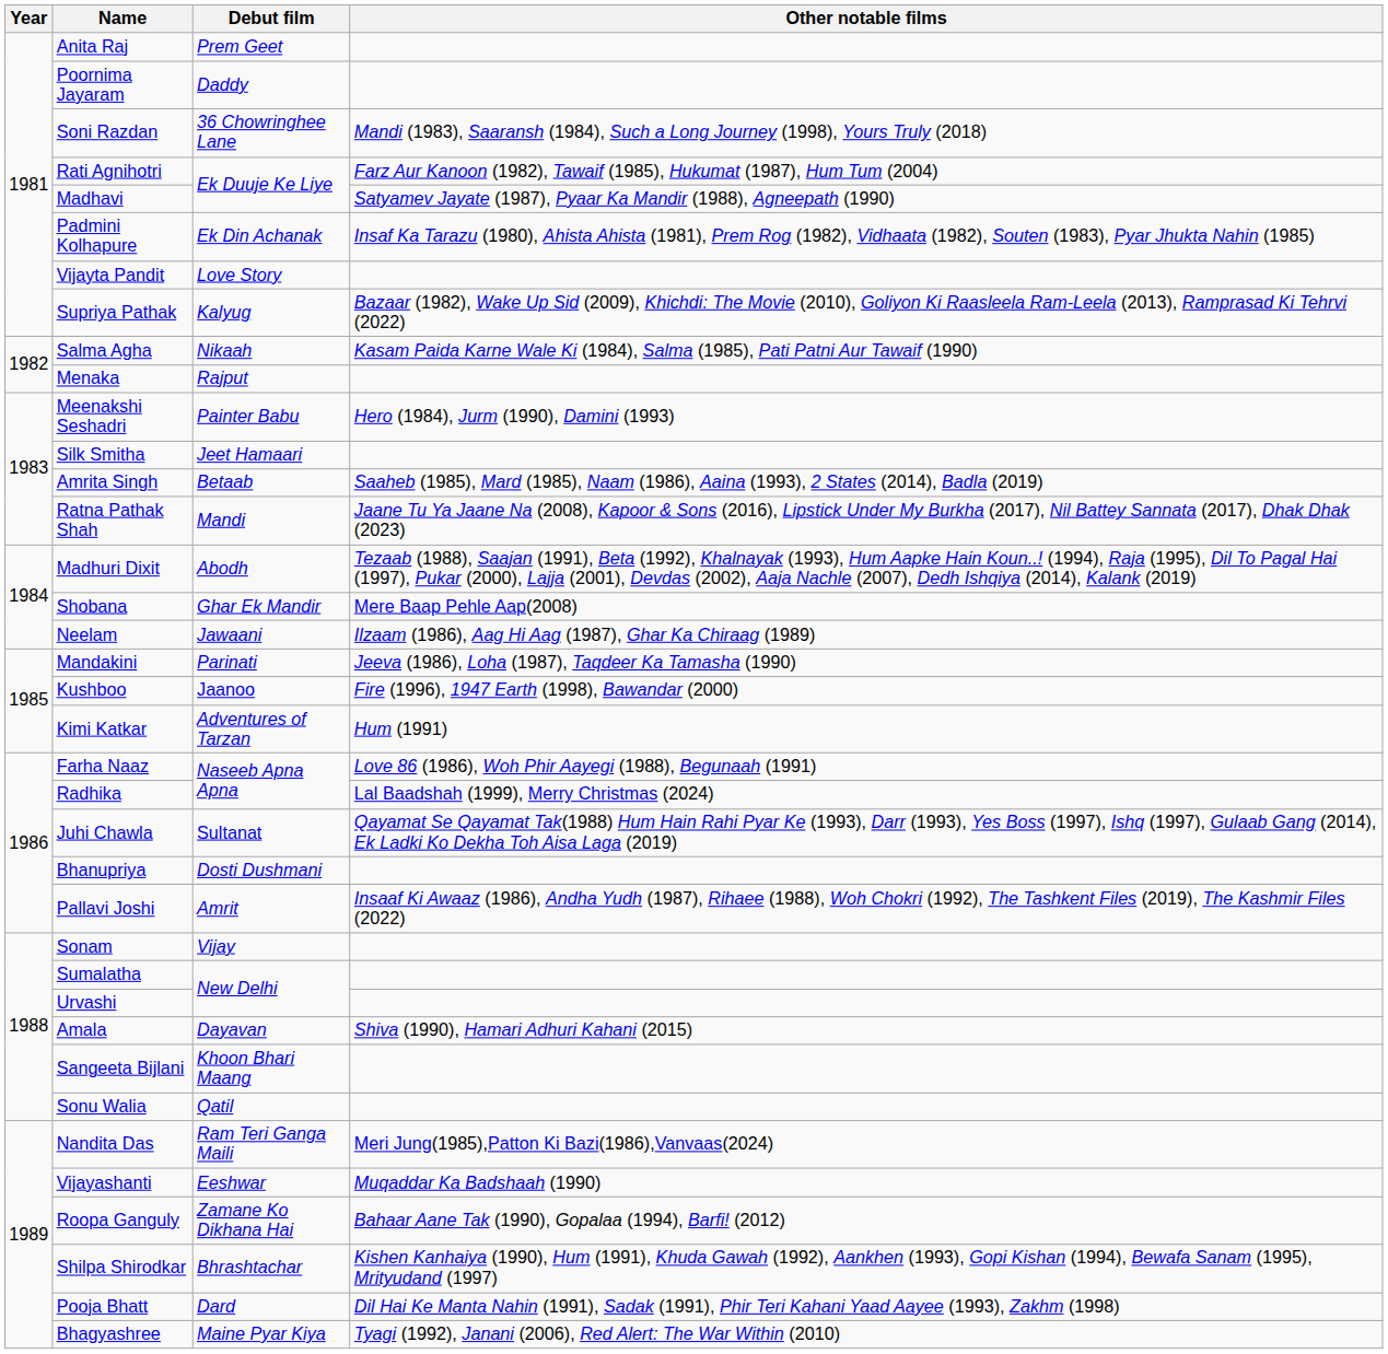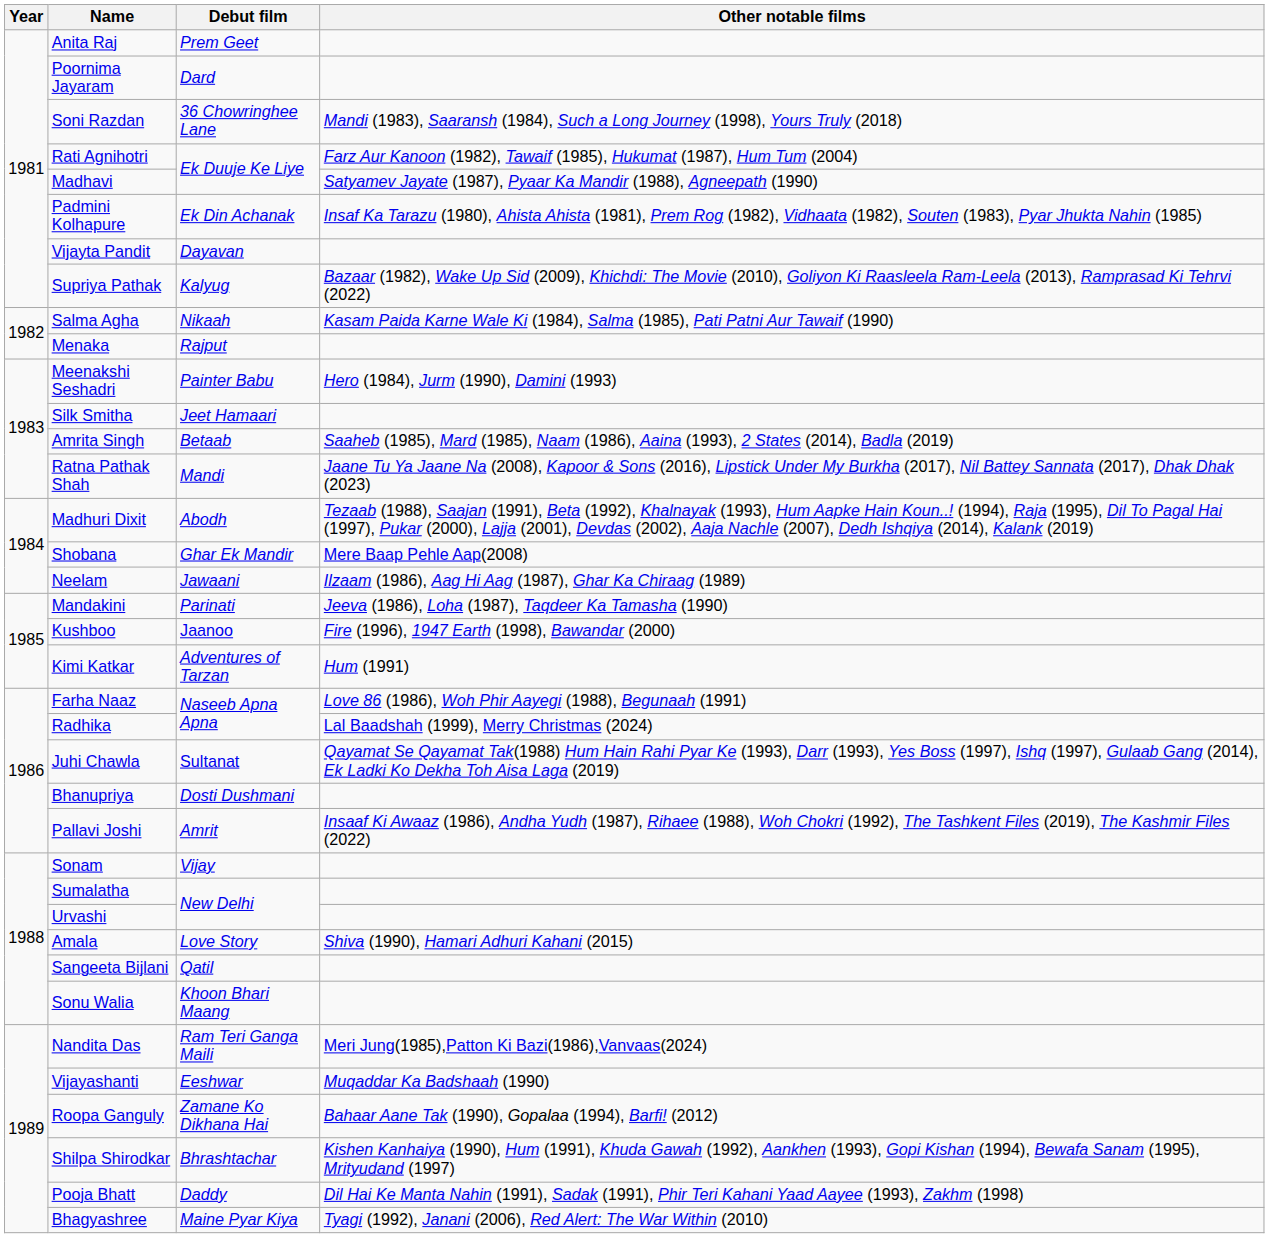 <table class="wikitable sortable static-row-numbers static-row-header-text hover-highlight" "style="font-size: 100%">
 <tr>
 <th>Year</th>
 <th>Name</th>
 <th>Debut film</th>
 <th class="unsortable">Other notable films</th>
 </tr>
 <tr>
 <td rowspan="8">1981</td>
 <td><a href='#'>Anita Raj</a></td>
 <td><em><a href='#'>Prem Geet</a></em></td>
 <td></td>
 </tr>
 <tr>
 <td><a href='#'> Poornima Jayaram</a></td>
-<td><em><a href='#'>Daddy</a></em></td>
+<td><a href='#'><em>Dard</em></a></td>
 <td></td>
 </tr>
 <tr>
 <td><a href='#'>Soni Razdan</a></td>
 <td><em><a href='#'>36 Chowringhee Lane</a></em></td>
 <td><em><a href='#'>Mandi</a></em> (1983), <em><a href='#'>Saaransh</a></em> (1984), <em><a href='#'>Such a Long Journey</a></em> (1998), <em><a href='#'>Yours Truly</a></em> (2018)</td>
 </tr>
 <tr>
 <td><a href='#'>Rati Agnihotri</a></td>
 <td rowspan="2"><em><a href='#'>Ek Duuje Ke Liye</a></em></td>
 <td><em><a href='#'>Farz Aur Kanoon</a></em> (1982), <em><a href='#'>Tawaif</a></em> (1985), <em><a href='#'>Hukumat</a></em> (1987), <a href='#'><em>Hum Tum</em></a> (2004)</td>
 </tr>
 <tr>
 <td><a href='#'>Madhavi</a></td>
 <td><em><a href='#'>Satyamev Jayate</a></em> (1987), <em><a href='#'>Pyaar Ka Mandir</a></em> (1988), <em><a href='#'>Agneepath</a></em> (1990)</td>
 </tr>
 <tr>
 <td><a href='#'>Padmini Kolhapure</a></td>
 <td><em><a href='#'>Ek Din Achanak</a></em></td>
 <td><em><a href='#'>Insaf Ka Tarazu</a></em> (1980), <a href='#'><em>Ahista Ahista</em></a> (1981), <em><a href='#'>Prem Rog</a></em> (1982), <em><a href='#'>Vidhaata</a></em> (1982),  <em><a href='#'>Souten</a></em> (1983), <em><a href='#'>Pyar Jhukta Nahin</a></em> (1985)</td>
 </tr>
 <tr>
 <td><a href='#'>Vijayta Pandit</a></td>
-<td><em><a href='#'>Love Story</a></em></td>
+<td><em><a href='#'>Dayavan</a></em></td>
 <td></td>
 </tr>
 <tr>
 <td><a href='#'>Supriya Pathak</a></td>
 <td><a href='#'><em>Kalyug</em></a></td>
 <td><em><a href='#'> Bazaar</a></em> (1982), <em><a href='#'>Wake Up Sid</a></em> (2009), <em><a href='#'>Khichdi: The Movie</a></em> (2010), <em><a href='#'>Goliyon Ki Raasleela Ram-Leela</a></em> (2013), <em><a href='#'>Ramprasad Ki Tehrvi</a></em> (2022)</td>
 </tr>
 <tr>
 <td rowspan="2">1982</td>
 <td><a href='#'>Salma Agha</a></td>
 <td><a href='#'><em>Nikaah</em></a></td>
 <td><em><a href='#'>Kasam Paida Karne Wale Ki</a></em> (1984), <a href='#'><em>Salma</em></a> (1985), <em><a href='#'>Pati Patni Aur Tawaif</a></em> (1990)</td>
 </tr>
 <tr>
 <td><a href='#'>Menaka</a></td>
 <td><em><a href='#'> Rajput</a></em></td>
 <td></td>
 </tr>
 <tr>
 <td rowspan="4">1983</td>
 <td><a href='#'>Meenakshi Seshadri</a></td>
 <td><em><a href='#'>Painter Babu</a></em></td>
 <td><em><a href='#'>Hero</a></em> (1984), <em><a href='#'>Jurm</a></em> (1990), <em><a href='#'>Damini</a></em> (1993)</td>
 </tr>
 <tr>
 <td><a href='#'>Silk Smitha</a></td>
 <td><em><a href='#'>Jeet Hamaari</a></em></td>
 <td></td>
 </tr>
 <tr>
 <td><a href='#'>Amrita Singh</a></td>
 <td><em><a href='#'>Betaab</a></em></td>
 <td><em><a href='#'>Saaheb</a></em> (1985), <em><a href='#'>Mard</a></em> (1985), <em><a href='#'>Naam</a></em> (1986), <em><a href='#'>Aaina</a></em> (1993), <a href='#'><em>2 States</em></a> (2014), <a href='#'><em>Badla</em></a> (2019)</td>
 </tr>
 <tr>
 <td><a href='#'>Ratna Pathak Shah</a></td>
 <td><em><a href='#'>Mandi</a></em></td>
 <td><em><a href='#'>Jaane Tu Ya Jaane Na</a></em> (2008), <em><a href='#'>Kapoor & Sons</a></em> (2016), <em><a href='#'>Lipstick Under My Burkha</a></em> (2017), <em><a href='#'>Nil Battey Sannata</a></em> (2017), <em><a href='#'>Dhak Dhak</a></em> (2023)</td>
 </tr>
 <tr>
 <td rowspan="3">1984</td>
 <td><a href='#'>Madhuri Dixit</a></td>
 <td><em><a href='#'>Abodh</a></em></td>
 <td><em><a href='#'>Tezaab</a></em> (1988),  <em><a href='#'>Saajan</a></em> (1991), <em><a href='#'>Beta</a></em> (1992), <em><a href='#'>Khalnayak</a></em> (1993), <em><a href='#'>Hum Aapke Hain Koun..!</a></em> (1994), <em><a href='#'>Raja</a></em> (1995), <em><a href='#'>Dil To Pagal Hai</a></em> (1997), <em><a href='#'>Pukar</a></em> (2000), <em><a href='#'>Lajja</a></em> (2001), <em><a href='#'>Devdas</a></em> (2002), <em><a href='#'>Aaja Nachle</a></em> (2007), <em><a href='#'>Dedh Ishqiya</a></em> (2014), <em><a href='#'>Kalank</a></em> (2019)</td>
 </tr>
 <tr>
 <td><a href='#'>Shobana</a></td>
 <td><em><a href='#'>Ghar Ek Mandir</a></em></td>
 <td><a href='#'>Mere Baap Pehle Aap</a>(2008)</td>
 </tr>
 <tr>
 <td><a href='#'>Neelam</a></td>
 <td><em><a href='#'>Jawaani</a></em></td>
 <td><em><a href='#'>Ilzaam</a></em> (1986), <em><a href='#'>Aag Hi Aag</a></em> (1987), <em><a href='#'>Ghar Ka Chiraag</a></em> (1989)</td>
 </tr>
 <tr>
 <td rowspan="3">1985</td>
 <td><a href='#'>Mandakini</a></td>
 <td><em><a href='#'>Parinati</a></em></td>
 <td><em><a href='#'>Jeeva</a></em> (1986), <em><a href='#'>Loha</a></em> (1987), <em><a href='#'>Taqdeer Ka Tamasha</a></em> (1990)</td>
 </tr>
 <tr>
 <td><a href='#'>Kushboo</a></td>
 <td><a href='#'>Jaanoo</a></td>
 <td><em><a href='#'>Fire</a></em> (1996), <em><a href='#'>1947 Earth</a></em> (1998), <em><a href='#'>Bawandar</a></em> (2000)</td>
 </tr>
 <tr>
 <td><a href='#'>Kimi Katkar</a></td>
 <td><em><a href='#'>Adventures of Tarzan</a></em></td>
 <td><a href='#'><em>Hum</em></a> (1991)</td>
 </tr>
 <tr>
 <td rowspan="5">1986</td>
 <td><a href='#'>Farha Naaz</a></td>
 <td rowspan="2"><em><a href='#'>Naseeb Apna Apna</a></em></td>
 <td><em><a href='#'>Love 86</a></em> (1986), <em><a href='#'>Woh Phir Aayegi</a></em> (1988), <em><a href='#'>Begunaah</a></em> (1991)</td>
 </tr>
 <tr>
 <td><a href='#'> Radhika</a></td>
 <td><a href='#'> Lal Baadshah</a> (1999), <a href='#'>Merry Christmas</a> (2024)</td>
 </tr>
 <tr>
 <td><a href='#'>Juhi Chawla</a></td>
 <td><a href='#'>Sultanat</a></td>
 <td><em><a href='#'>Qayamat Se Qayamat Tak</a></em>(1988) <em><a href='#'>Hum Hain Rahi Pyar Ke</a></em> (1993), <em><a href='#'>Darr</a></em> (1993), <em><a href='#'>Yes Boss</a></em> (1997), <a href='#'><em>Ishq</em></a> (1997), <em><a href='#'>Gulaab Gang</a></em> (2014), <em><a href='#'>Ek Ladki Ko Dekha Toh Aisa Laga</a></em> (2019)</td>
 </tr>
 <tr>
 <td><a href='#'>Bhanupriya</a></td>
 <td><em><a href='#'>Dosti Dushmani</a></em></td>
 <td></td>
 </tr>
 <tr>
 <td><a href='#'>Pallavi Joshi</a></td>
 <td><em><a href='#'>Amrit</a></em></td>
 <td><em><a href='#'>Insaaf Ki Awaaz</a></em> (1986), <em><a href='#'>Andha Yudh</a></em> (1987), <em><a href='#'>Rihaee</a></em> (1988), <em><a href='#'>Woh Chokri</a></em> (1992), <em><a href='#'>The Tashkent Files</a></em> (2019), <em><a href='#'>The Kashmir Files</a></em> (2022)</td>
 </tr>
 <tr>
 <td rowspan="6">1988</td>
 <td><a href='#'>Sonam</a></td>
 <td><a href='#'><em>Vijay</em></a></td>
 <td></td>
 </tr>
 <tr>
 <td><a href='#'>Sumalatha</a></td>
 <td rowspan=2><a href='#'><em>New Delhi</em></a></td>
 <td></td>
 </tr>
 <tr>
 <td><a href='#'>Urvashi</a></td>
 <td></td>
 </tr>
 <tr>
 <td><a href='#'>Amala</a></td>
-<td><em><a href='#'>Dayavan</a></em></td>
+<td><em><a href='#'>Love Story</a></em></td>
 <td><a href='#'><em>Shiva</em></a> (1990), <em><a href='#'>Hamari Adhuri Kahani</a></em> (2015)</td>
 </tr>
 <tr>
 <td><a href='#'>Sangeeta Bijlani</a></td>
-<td><em><a href='#'>Khoon Bhari Maang</a></em></td>
+<td><em><a href='#'>Qatil</a></em></td>
 <td></td>
 </tr>
 <tr>
 <td><a href='#'>Sonu Walia</a></td>
-<td><em><a href='#'>Qatil</a></em></td>
+<td><em><a href='#'>Khoon Bhari Maang</a></em></td>
 <td></td>
 </tr>
 <tr>
 <td rowspan="6">1989</td>
 <td><a href='#'>Nandita Das</a></td>
 <td><em><a href='#'>Ram Teri Ganga Maili</a></em></td>
 <td><a href='#'>Meri Jung</a>(1985),<a href='#'>Patton Ki Bazi</a>(1986),<a href='#'>Vanvaas</a>(2024)</td>
 </tr>
 <tr>
 <td><a href='#'>Vijayashanti</a></td>
 <td><a href='#'><em>Eeshwar</em></a></td>
 <td><em><a href='#'>Muqaddar Ka Badshaah</a></em> (1990)</td>
 </tr>
 <tr>
 <td><a href='#'>Roopa Ganguly</a></td>
 <td><em><a href='#'>Zamane Ko Dikhana Hai</a></em></td>
 <td><em><a href='#'>Bahaar Aane Tak</a></em> (1990), <em>Gopalaa</em> (1994), <em><a href='#'>Barfi!</a></em> (2012)</td>
 </tr>
 <tr>
 <td><a href='#'>Shilpa Shirodkar</a></td>
 <td><em><a href='#'>Bhrashtachar</a></em></td>
 <td><em><a href='#'>Kishen Kanhaiya</a></em> (1990), <em><a href='#'>Hum</a></em> (1991), <em><a href='#'>Khuda Gawah</a></em> (1992), <em><a href='#'>Aankhen</a></em> (1993), <em><a href='#'>Gopi Kishan</a></em> (1994), <em><a href='#'>Bewafa Sanam</a></em> (1995), <em><a href='#'>Mrityudand</a></em> (1997)</td>
 </tr>
 <tr>
 <td><a href='#'>Pooja Bhatt</a></td>
-<td><a href='#'><em>Dard</em></a></td>
+<td><em><a href='#'>Daddy</a></em></td>
 <td><em><a href='#'>Dil Hai Ke Manta Nahin</a></em> (1991), <em><a href='#'>Sadak</a></em> (1991), <em><a href='#'>Phir Teri Kahani Yaad Aayee</a></em> (1993), <em><a href='#'>Zakhm</a></em> (1998)</td>
 </tr>
 <tr>
 <td><a href='#'>Bhagyashree</a></td>
 <td><em><a href='#'>Maine Pyar Kiya</a></em></td>
 <td><em><a href='#'>Tyagi</a></em> (1992), <em><a href='#'>Janani</a></em> (2006), <em><a href='#'>Red Alert: The War Within</a></em> (2010)</td>
 </tr>
 </table>
